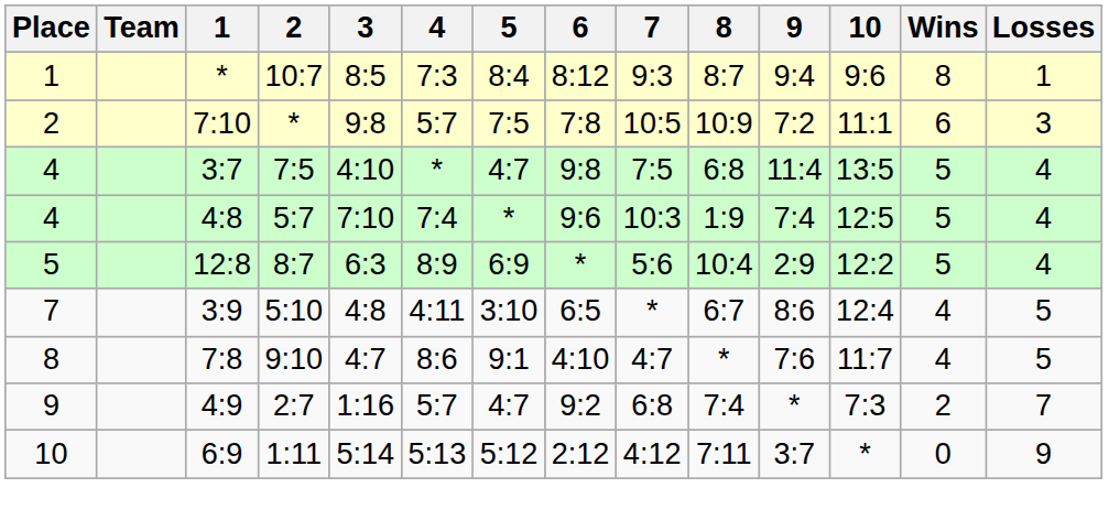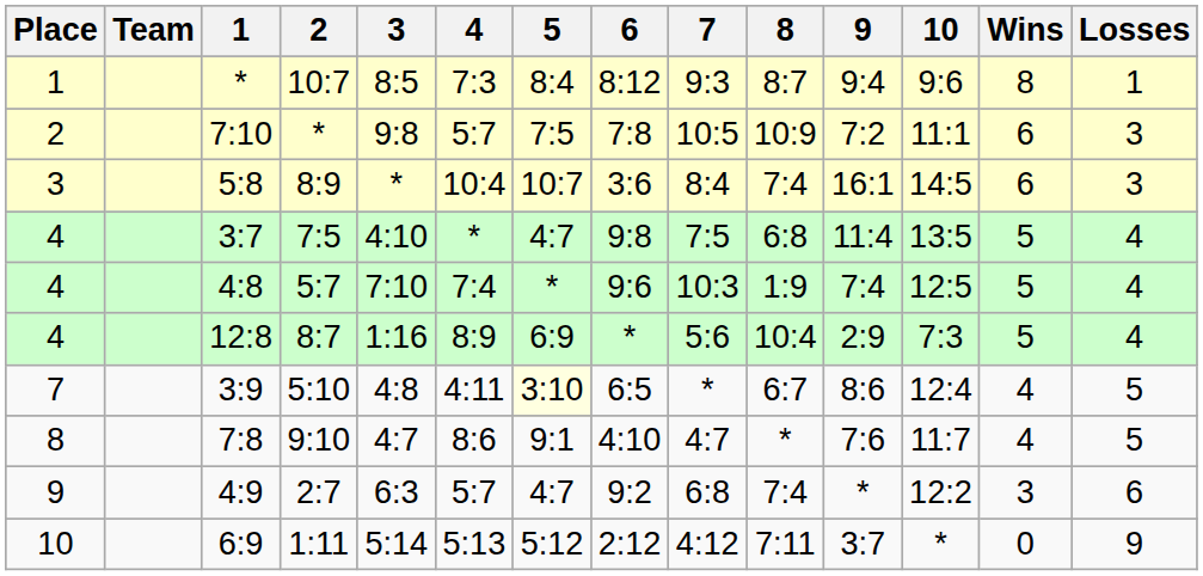 <table class="wikitable" style="text-align:center;">
 <tr>
 <th>Place</th>
 <th>Team</th>
 <th width="25">1</th>
 <th width="25">2</th>
 <th width="25">3</th>
 <th width="25">4</th>
 <th width="25">5</th>
 <th width="25">6</th>
 <th width="25">7</th>
 <th width="25">8</th>
 <th width="25">9</th>
 <th width="25">10</th>
 <th>Wins</th>
 <th>Losses</th>
 </tr>
 <tr bgcolor=#ffc>
 <td>1</td>
 <td align="left"></td>
 <td>*</td>
 <td>10:7</td>
 <td>8:5</td>
 <td>7:3</td>
 <td>8:4</td>
 <td>8:12</td>
 <td>9:3</td>
 <td>8:7</td>
 <td>9:4</td>
 <td>9:6</td>
 <td>8</td>
 <td>1</td>
 </tr>
 <tr bgcolor=#ffc>
 <td>2</td>
 <td align="left"></td>
 <td>7:10</td>
 <td>*</td>
 <td>9:8</td>
 <td>5:7</td>
 <td>7:5</td>
 <td>7:8</td>
 <td>10:5</td>
 <td>10:9</td>
 <td>7:2</td>
 <td>11:1</td>
 <td>6</td>
 <td>3</td>
 </tr>
+<tr bgcolor=#ffc>
+<td>3</td>
+<td align="left"></td>
+<td>5:8</td>
+<td>8:9</td>
+<td>*</td>
+<td>10:4</td>
+<td>10:7</td>
+<td>3:6</td>
+<td>8:4</td>
+<td>7:4</td>
+<td>16:1</td>
+<td>14:5</td>
+<td>6</td>
+<td>3</td>
+</tr>
 <tr bgcolor=#cfc>
 <td>4</td>
 <td align="left"></td>
 <td>3:7</td>
 <td>7:5</td>
 <td>4:10</td>
 <td>*</td>
 <td>4:7</td>
 <td>9:8</td>
 <td>7:5</td>
 <td>6:8</td>
 <td>11:4</td>
 <td>13:5</td>
 <td>5</td>
 <td>4</td>
 </tr>
 <tr bgcolor=#cfc>
 <td>4</td>
 <td align="left"></td>
 <td>4:8</td>
 <td>5:7</td>
 <td>7:10</td>
 <td>7:4</td>
 <td>*</td>
 <td>9:6</td>
 <td>10:3</td>
 <td>1:9</td>
 <td>7:4</td>
 <td>12:5</td>
 <td>5</td>
 <td>4</td>
 </tr>
 <tr bgcolor=#cfc>
-<td>5</td>
+<td>4</td>
 <td align="left"></td>
 <td>12:8</td>
 <td>8:7</td>
-<td>6:3</td>
+<td>1:16</td>
 <td>8:9</td>
 <td>6:9</td>
 <td>*</td>
 <td>5:6</td>
 <td>10:4</td>
 <td>2:9</td>
-<td>12:2</td>
+<td>7:3</td>
 <td>5</td>
 <td>4</td>
 </tr>
 <tr>
 <td>7</td>
 <td align="left"></td>
 <td>3:9</td>
 <td>5:10</td>
 <td>4:8</td>
 <td>4:11</td>
-<td>3:10</td>
+<td style="background: lightyellow;">3:10</td>
 <td>6:5</td>
 <td>*</td>
 <td>6:7</td>
 <td>8:6</td>
 <td>12:4</td>
 <td>4</td>
 <td>5</td>
 </tr>
 <tr>
 <td>8</td>
 <td align="left"></td>
 <td>7:8</td>
 <td>9:10</td>
 <td>4:7</td>
 <td>8:6</td>
 <td>9:1</td>
 <td>4:10</td>
 <td>4:7</td>
 <td>*</td>
 <td>7:6</td>
 <td>11:7</td>
 <td>4</td>
 <td>5</td>
 </tr>
 <tr>
 <td>9</td>
 <td align="left"></td>
 <td>4:9</td>
 <td>2:7</td>
-<td>1:16</td>
+<td>6:3</td>
 <td>5:7</td>
 <td>4:7</td>
 <td>9:2</td>
 <td>6:8</td>
 <td>7:4</td>
 <td>*</td>
-<td>7:3</td>
-<td>2</td>
-<td>7</td>
+<td>12:2</td>
+<td>3</td>
+<td>6</td>
 </tr>
 <tr>
 <td>10</td>
 <td align="left"></td>
 <td>6:9</td>
 <td>1:11</td>
 <td>5:14</td>
 <td>5:13</td>
 <td>5:12</td>
 <td>2:12</td>
 <td>4:12</td>
 <td>7:11</td>
 <td>3:7</td>
 <td>*</td>
 <td>0</td>
 <td>9</td>
 </tr>
 </table>
